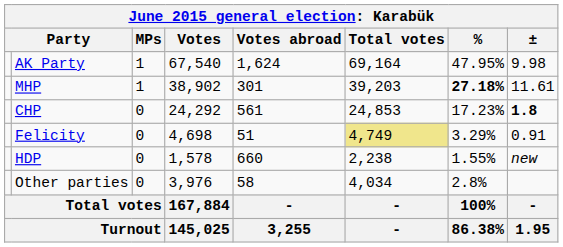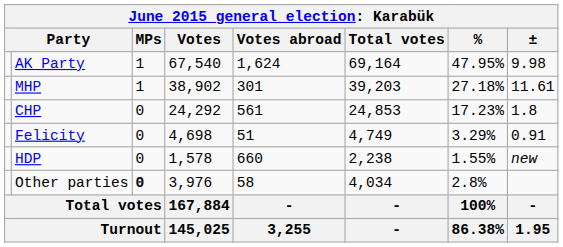 <table class="wikitable sortable">
 <tr>
 <th colspan="8"><a href='#'>June 2015 general election</a>: Karabük</th>
 </tr>
 <tr>
 <th colspan="2">Party</th>
 <th>MPs</th>
 <th>Votes</th>
 <th>Votes abroad</th>
 <th>Total votes</th>
 <th>%</th>
 <th>±</th>
 </tr>
 <tr>
 <td style="background:"></td>
 <td><a href='#'>AK Party</a></td>
 <td>1</td>
 <td>67,540</td>
 <td>1,624</td>
 <td>69,164</td>
 <td>47.95%</td>
 <td>9.98</td>
 </tr>
 <tr>
 <td style="background:"></td>
 <td><a href='#'>MHP</a></td>
 <td>1</td>
 <td>38,902</td>
 <td>301</td>
 <td>39,203</td>
-<td><strong>27.18%</strong></td>
+<td>27.18%</td>
 <td>11.61</td>
 </tr>
 <tr>
 <td style="background:"></td>
 <td><a href='#'>CHP</a></td>
 <td>0</td>
 <td>24,292</td>
 <td>561</td>
 <td>24,853</td>
 <td>17.23%</td>
-<td><strong>1.8</strong></td>
+<td>1.8</td>
 </tr>
 <tr>
 <td style="background:"></td>
 <td><a href='#'>Felicity</a></td>
 <td>0</td>
 <td>4,698</td>
 <td>51</td>
-<td style="background: khaki;">4,749</td>
+<td>4,749</td>
 <td>3.29%</td>
 <td>0.91</td>
 </tr>
 <tr>
 <td style="background:"></td>
 <td><a href='#'>HDP</a></td>
 <td>0</td>
 <td>1,578</td>
 <td>660</td>
 <td>2,238</td>
 <td>1.55%</td>
 <td><em>new</em></td>
 </tr>
 <tr>
 <td style="background:"></td>
 <td>Other parties</td>
-<td>0</td>
+<td><strong>0</strong></td>
 <td>3,976</td>
 <td>58</td>
 <td>4,034</td>
 <td>2.8%</td>
 <td></td>
 </tr>
 <tr>
 <th colspan="3" style="text-align:right">Total votes</th>
 <th>167,884</th>
 <th>-</th>
 <th>-</th>
 <th>100%</th>
 <th>-</th>
 </tr>
 <tr>
 <th colspan="3" style="text-align:right">Turnout</th>
 <th>145,025</th>
 <th>3,255</th>
 <th>-</th>
 <th>86.38%</th>
 <th>1.95</th>
 </tr>
 </table>
